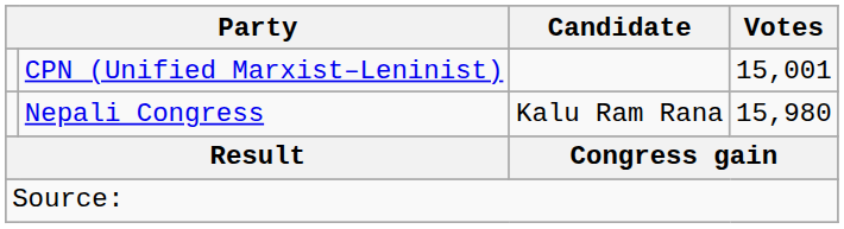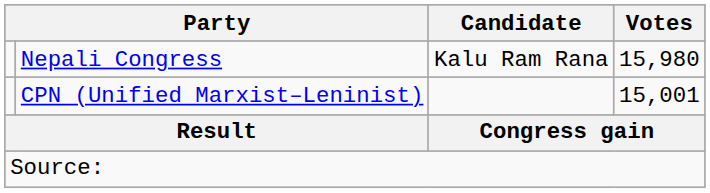 <table class="wikitable">
 <tr>
 <th colspan="2">Party</th>
 <th>Candidate</th>
 <th>Votes</th>
 </tr>
 <tr>
 <td style="background-color:"></td>
+<td><a href='#'>Nepali Congress</a></td>
+<td>Kalu Ram Rana</td>
+<td>15,980</td>
+</tr>
+<tr>
+<td style="background-color:"></td>
 <td><a href='#'>CPN (Unified Marxist–Leninist)</a></td>
 <td></td>
 <td>15,001</td>
-</tr>
-<tr>
-<td style="background-color:"></td>
-<td><a href='#'>Nepali Congress</a></td>
-<td>Kalu Ram Rana</td>
-<td>15,980</td>
 </tr>
 <tr>
 <th colspan="2">Result</th>
 <th colspan="2">Congress gain</th>
 </tr>
 <tr>
 <td colspan="4">Source: </td>
 </tr>
 </table>
